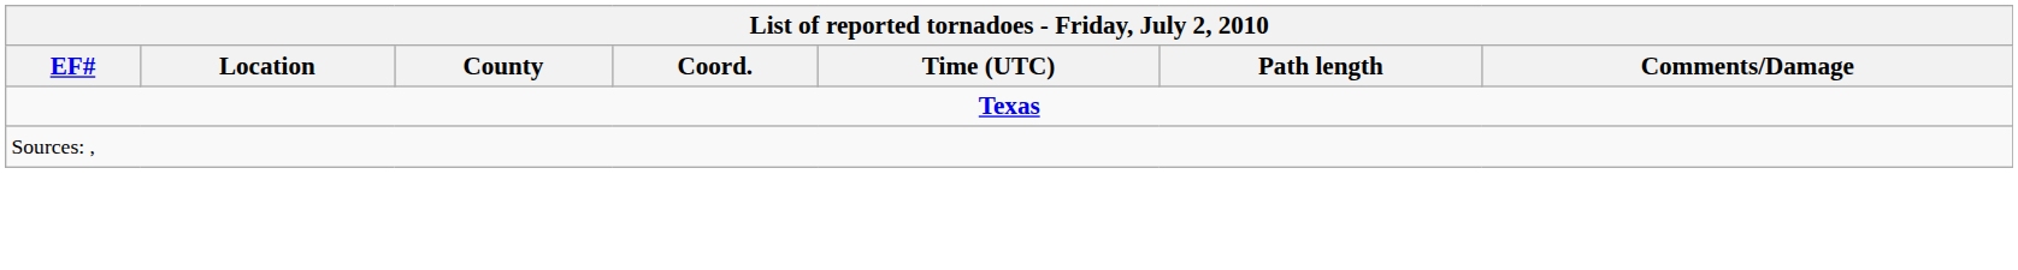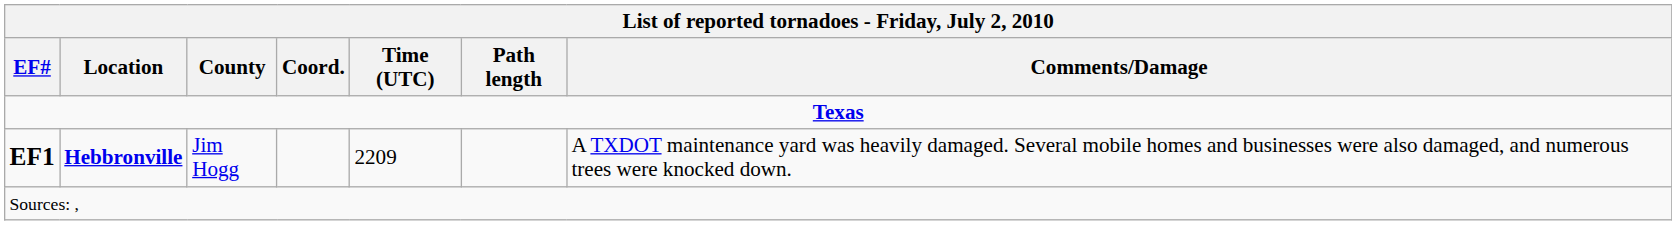 <table class="wikitable collapsible" style="width:100%;">
 <tr>
 <th colspan="7">List of reported tornadoes - Friday, July 2, 2010</th>
 </tr>
 <tr>
 <th><a href='#'>EF#</a></th>
 <th>Location</th>
 <th>County</th>
 <th>Coord.</th>
 <th>Time (UTC)</th>
 <th>Path length</th>
 <th>Comments/Damage</th>
 </tr>
 <tr>
 <td colspan="7" style="text-align:center;"><strong><a href='#'>Texas</a></strong></td>
 </tr>
 <tr>
+<td><big><strong>EF1</strong></big></td>
+<td><strong><a href='#'>Hebbronville</a></strong></td>
+<td><a href='#'>Jim Hogg</a></td>
+<td></td>
+<td>2209</td>
+<td></td>
+<td>A <a href='#'>TXDOT</a> maintenance yard was heavily damaged. Several mobile homes and businesses were also damaged, and numerous trees were knocked down.</td>
+</tr>
+<tr>
 <td colspan="7"><small>Sources: , </small></td>
 </tr>
 </table>
